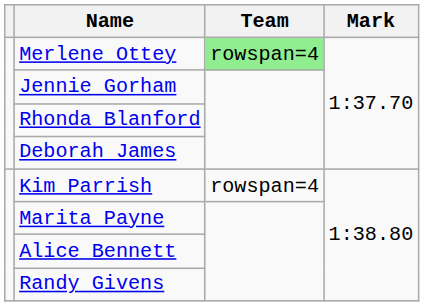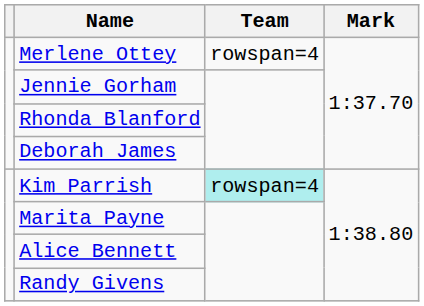 <table class=wikitable>
 <tr>
 <th></th>
 <th>Name</th>
 <th>Team</th>
 <th>Mark</th>
 </tr>
 <tr>
 <td rowspan=4></td>
 <td><a href='#'>Merlene Ottey</a></td>
-<td style="background: lightgreen;">rowspan=4 </td>
+<td>rowspan=4 </td>
 <td rowspan=4>1:37.70</td>
 </tr>
 <tr>
 <td><a href='#'>Jennie Gorham</a></td>
 </tr>
 <tr>
 <td><a href='#'>Rhonda Blanford</a></td>
 </tr>
 <tr>
 <td><a href='#'>Deborah James</a></td>
 </tr>
 <tr>
 <td rowspan=4></td>
 <td><a href='#'>Kim Parrish</a></td>
-<td>rowspan=4 </td>
+<td style="background: paleturquoise;">rowspan=4 </td>
 <td rowspan=4>1:38.80</td>
 </tr>
 <tr>
 <td><a href='#'>Marita Payne</a></td>
 </tr>
 <tr>
 <td><a href='#'>Alice Bennett</a></td>
 </tr>
 <tr>
 <td><a href='#'>Randy Givens</a></td>
 </tr>
 </table>
